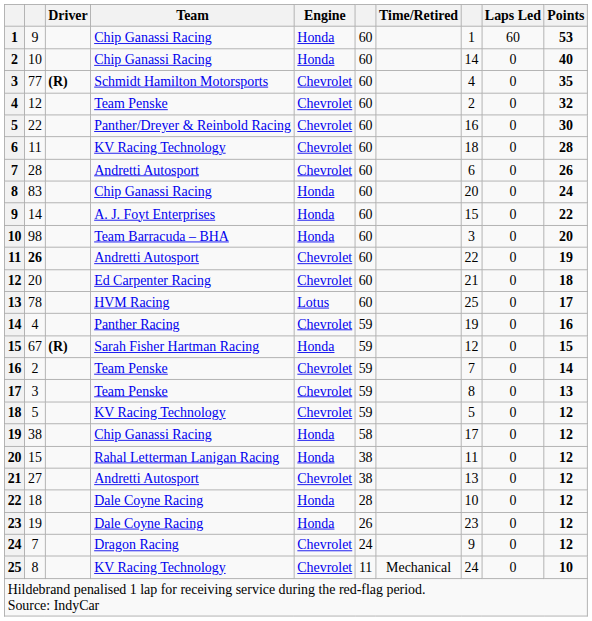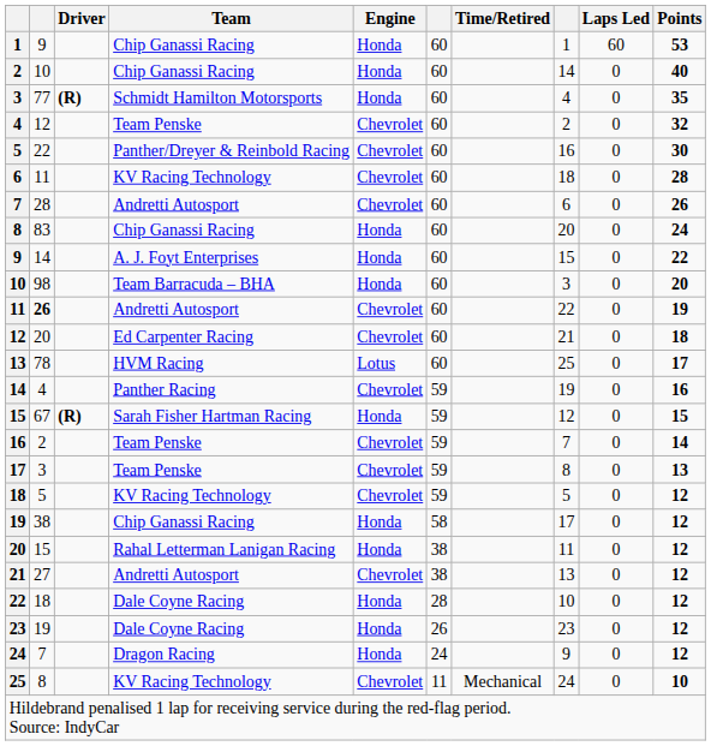 <table class="wikitable sortable">
 <tr>
 <th scope="col"></th>
 <th scope="col"></th>
 <th scope="col">Driver</th>
 <th scope="col">Team</th>
 <th scope="col">Engine</th>
 <th scope="col"></th>
 <th scope="col">Time/Retired</th>
 <th scope="col"></th>
 <th scope="col">Laps Led</th>
 <th scope="col">Points</th>
 </tr>
 <tr>
 <th scope="row">1</th>
 <td align="center">9</td>
 <td></td>
 <td><a href='#'>Chip Ganassi Racing</a></td>
 <td><a href='#'>Honda</a></td>
 <td align=center>60</td>
 <td align=center></td>
 <td align=center>1</td>
 <td align=center>60</td>
 <td align=center><strong>53</strong></td>
 </tr>
 <tr>
 <th scope="row">2</th>
 <td align="center">10</td>
 <td></td>
 <td><a href='#'>Chip Ganassi Racing</a></td>
 <td><a href='#'>Honda</a></td>
 <td align=center>60</td>
 <td align=center></td>
 <td align=center>14</td>
 <td align=center>0</td>
 <td align=center><strong>40</strong></td>
 </tr>
 <tr>
 <th scope="row">3</th>
 <td align="center">77</td>
 <td> <strong>(R)</strong></td>
 <td><a href='#'>Schmidt Hamilton Motorsports</a></td>
-<td><a href='#'>Chevrolet</a></td>
+<td><a href='#'>Honda</a></td>
 <td align=center>60</td>
 <td align=center></td>
 <td align=center>4</td>
 <td align=center>0</td>
 <td align=center><strong>35</strong></td>
 </tr>
 <tr>
 <th scope="row">4</th>
 <td align="center">12</td>
 <td></td>
 <td><a href='#'>Team Penske</a></td>
 <td><a href='#'>Chevrolet</a></td>
 <td align=center>60</td>
 <td align=center></td>
 <td align=center>2</td>
 <td align=center>0</td>
 <td align=center><strong>32</strong></td>
 </tr>
 <tr>
 <th scope="row">5</th>
 <td align="center">22</td>
 <td></td>
 <td><a href='#'>Panther/Dreyer & Reinbold Racing</a></td>
 <td><a href='#'>Chevrolet</a></td>
 <td align=center>60</td>
 <td align=center></td>
 <td align=center>16</td>
 <td align=center>0</td>
 <td align=center><strong>30</strong></td>
 </tr>
 <tr>
 <th scope="row">6</th>
 <td align="center">11</td>
 <td></td>
 <td><a href='#'>KV Racing Technology</a></td>
 <td><a href='#'>Chevrolet</a></td>
 <td align=center>60</td>
 <td align=center></td>
 <td align=center>18</td>
 <td align=center>0</td>
 <td align=center><strong>28</strong></td>
 </tr>
 <tr>
 <th scope="row">7</th>
 <td align="center">28</td>
 <td></td>
 <td><a href='#'>Andretti Autosport</a></td>
 <td><a href='#'>Chevrolet</a></td>
 <td align=center>60</td>
 <td align=center></td>
 <td align=center>6</td>
 <td align=center>0</td>
 <td align=center><strong>26</strong></td>
 </tr>
 <tr>
 <th scope="row">8</th>
 <td align="center">83</td>
 <td></td>
 <td><a href='#'>Chip Ganassi Racing</a></td>
 <td><a href='#'>Honda</a></td>
 <td align=center>60</td>
 <td align=center></td>
 <td align=center>20</td>
 <td align=center>0</td>
 <td align=center><strong>24</strong></td>
 </tr>
 <tr>
 <th scope="row">9</th>
 <td align="center">14</td>
 <td></td>
 <td><a href='#'>A. J. Foyt Enterprises</a></td>
 <td><a href='#'>Honda</a></td>
 <td align=center>60</td>
 <td align=center></td>
 <td align=center>15</td>
 <td align=center>0</td>
 <td align=center><strong>22</strong></td>
 </tr>
 <tr>
 <th scope="row">10</th>
 <td align="center">98</td>
 <td></td>
 <td><a href='#'>Team Barracuda – BHA</a></td>
 <td><a href='#'>Honda</a></td>
 <td align=center>60</td>
 <td align=center></td>
 <td align=center>3</td>
 <td align=center>0</td>
 <td align=center><strong>20</strong></td>
 </tr>
 <tr>
 <th scope="row">11</th>
 <td align="center"><strong>26</strong></td>
 <td></td>
 <td><a href='#'>Andretti Autosport</a></td>
 <td><a href='#'>Chevrolet</a></td>
 <td align=center>60</td>
 <td align=center></td>
 <td align=center>22</td>
 <td align=center>0</td>
 <td align=center><strong>19</strong></td>
 </tr>
 <tr>
 <th scope="row">12</th>
 <td align="center">20</td>
 <td></td>
 <td><a href='#'>Ed Carpenter Racing</a></td>
 <td><a href='#'>Chevrolet</a></td>
 <td align=center>60</td>
 <td align=center></td>
 <td align=center>21</td>
 <td align=center>0</td>
 <td align=center><strong>18</strong></td>
 </tr>
 <tr>
 <th scope="row">13</th>
 <td align="center">78</td>
 <td></td>
 <td><a href='#'>HVM Racing</a></td>
 <td><a href='#'>Lotus</a></td>
 <td align=center>60</td>
 <td align=center></td>
 <td align=center>25</td>
 <td align=center>0</td>
 <td align=center><strong>17</strong></td>
 </tr>
 <tr>
 <th scope="row">14</th>
 <td align=center>4</td>
 <td></td>
 <td><a href='#'>Panther Racing</a></td>
 <td><a href='#'>Chevrolet</a></td>
 <td align=center>59</td>
 <td align=center></td>
 <td align=center>19</td>
 <td align=center>0</td>
 <td align=center><strong>16</strong></td>
 </tr>
 <tr>
 <th scope="row">15</th>
 <td align="center">67</td>
 <td> <strong>(R)</strong></td>
 <td><a href='#'>Sarah Fisher Hartman Racing</a></td>
 <td><a href='#'>Honda</a></td>
 <td align=center>59</td>
 <td align=center></td>
 <td align=center>12</td>
 <td align=center>0</td>
 <td align=center><strong>15</strong></td>
 </tr>
 <tr>
 <th scope="row">16</th>
 <td align="center">2</td>
 <td></td>
 <td><a href='#'>Team Penske</a></td>
 <td><a href='#'>Chevrolet</a></td>
 <td align=center>59</td>
 <td align=center></td>
 <td align=center>7</td>
 <td align=center>0</td>
 <td align=center><strong>14</strong></td>
 </tr>
 <tr>
 <th scope="row">17</th>
 <td align="center">3</td>
 <td></td>
 <td><a href='#'>Team Penske</a></td>
 <td><a href='#'>Chevrolet</a></td>
 <td align=center>59</td>
 <td align=center></td>
 <td align=center>8</td>
 <td align=center>0</td>
 <td align=center><strong>13</strong></td>
 </tr>
 <tr>
 <th scope="row">18</th>
 <td align="center">5</td>
 <td></td>
 <td><a href='#'>KV Racing Technology</a></td>
 <td><a href='#'>Chevrolet</a></td>
 <td align=center>59</td>
 <td align=center></td>
 <td align=center>5</td>
 <td align=center>0</td>
 <td align=center><strong>12</strong></td>
 </tr>
 <tr>
 <th scope="row">19</th>
 <td align="center">38</td>
 <td></td>
 <td><a href='#'>Chip Ganassi Racing</a></td>
 <td><a href='#'>Honda</a></td>
 <td align=center>58</td>
 <td align=center></td>
 <td align=center>17</td>
 <td align=center>0</td>
 <td align=center><strong>12</strong></td>
 </tr>
 <tr>
 <th scope="row">20</th>
 <td align="center">15</td>
 <td></td>
 <td><a href='#'>Rahal Letterman Lanigan Racing</a></td>
 <td><a href='#'>Honda</a></td>
 <td align=center>38</td>
 <td align=center></td>
 <td align=center>11</td>
 <td align=center>0</td>
 <td align=center><strong>12</strong></td>
 </tr>
 <tr>
 <th scope="row">21</th>
 <td align="center">27</td>
 <td></td>
 <td><a href='#'>Andretti Autosport</a></td>
 <td><a href='#'>Chevrolet</a></td>
 <td align=center>38</td>
 <td align=center></td>
 <td align=center>13</td>
 <td align=center>0</td>
 <td align=center><strong>12</strong></td>
 </tr>
 <tr>
 <th scope="row">22</th>
 <td align="center">18</td>
 <td></td>
 <td><a href='#'>Dale Coyne Racing</a></td>
 <td><a href='#'>Honda</a></td>
 <td align=center>28</td>
 <td align=center></td>
 <td align=center>10</td>
 <td align=center>0</td>
 <td align=center><strong>12</strong></td>
 </tr>
 <tr>
 <th scope="row">23</th>
 <td align=center>19</td>
 <td></td>
 <td><a href='#'>Dale Coyne Racing</a></td>
 <td><a href='#'>Honda</a></td>
 <td align=center>26</td>
 <td align=center></td>
 <td align=center>23</td>
 <td align=center>0</td>
 <td align=center><strong>12</strong></td>
 </tr>
 <tr>
 <th scope="row">24</th>
 <td align="center">7</td>
 <td></td>
 <td><a href='#'>Dragon Racing</a></td>
-<td><a href='#'>Chevrolet</a></td>
+<td><a href='#'>Honda</a></td>
 <td align=center>24</td>
 <td align=center></td>
 <td align=center>9</td>
 <td align=center>0</td>
 <td align=center><strong>12</strong></td>
 </tr>
 <tr>
 <th scope="row">25</th>
 <td align=center>8</td>
 <td></td>
 <td><a href='#'>KV Racing Technology</a></td>
 <td><a href='#'>Chevrolet</a></td>
 <td align=center>11</td>
 <td align=center>Mechanical</td>
 <td align=center>24</td>
 <td align=center>0</td>
 <td align=center><strong>10</strong></td>
 </tr>
 <tr class="sortbottom">
 <td colspan=10> Hildebrand penalised 1 lap for receiving service during the red-flag period.<br>Source: IndyCar</td>
 </tr>
 </table>
